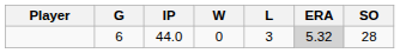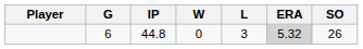 <table class="wikitable sortable">
 <tr>
 <th bgcolor="#DDDDFF" width="16%">Player</th>
 <th bgcolor="#DDDDFF" width="9%">G</th>
 <th bgcolor="#DDDDFF" width="9%">IP</th>
 <th bgcolor="#DDDDFF" width="9%">W</th>
 <th bgcolor="#DDDDFF" width="9%">L</th>
 <th bgcolor="#DDDDFF" width="9%">ERA</th>
 <th bgcolor="#DDDDFF" width="9%">SO</th>
 </tr>
 <tr align="center">
 <td></td>
 <td>6</td>
-<td>44.0</td>
+<td>44.8</td>
 <td>0</td>
 <td>3</td>
 <td style="background: lightgrey;">5.32</td>
-<td>28</td>
+<td>26</td>
 </tr>
 </table>
